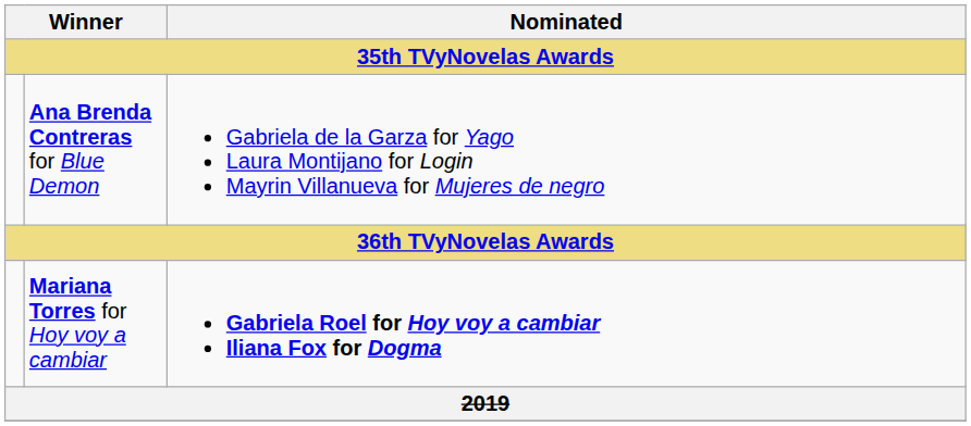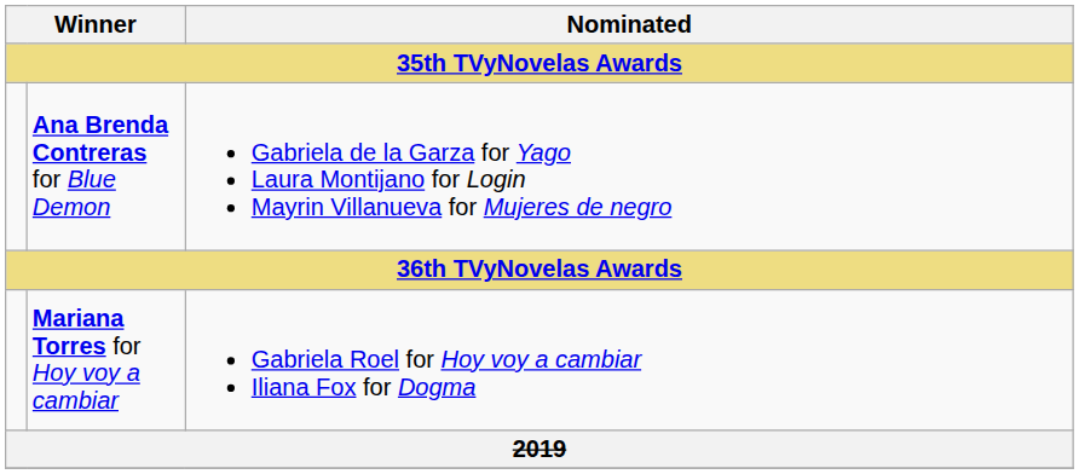 <table class="wikitable" width=80%>
 <tr align=center>
 <th width="150px;" colspan=2; align="center">Winner</th>
 <th width="580px;" align="center">Nominated</th>
 </tr>
 <tr>
 <th colspan=9 style="background:#EEDD82;"  align="center"><strong><a href='#'>35th TVyNovelas Awards</a></strong></th>
 </tr>
 <tr>
 <td width=2%></td>
 <td><strong><a href='#'>Ana Brenda Contreras</a></strong> for <em><a href='#'>Blue Demon</a></em></td>
 <td><br><ul><li><a href='#'>Gabriela de la Garza</a> for <em><a href='#'>Yago</a></em></li><li><a href='#'>Laura Montijano</a> for <em>Login</em></li><li><a href='#'>Mayrin Villanueva</a> for <em><a href='#'>Mujeres de negro</a></em></li></ul></td>
 </tr>
 <tr>
 <th colspan=9 style="background:#EEDD82;"  align="center"><strong><a href='#'>36th TVyNovelas Awards</a></strong></th>
 </tr>
 <tr>
 <td width=2%></td>
 <td><strong><a href='#'>Mariana Torres</a></strong> for <em><a href='#'>Hoy voy a cambiar</a></em></td>
-<td><strong><br><ul><li><a href='#'>Gabriela Roel</a> for <em><a href='#'>Hoy voy a cambiar</a></em></li><li><a href='#'>Iliana Fox</a> for <em><a href='#'>Dogma</a></em></li></ul></strong></td>
+<td><br><ul><li><a href='#'>Gabriela Roel</a> for <em><a href='#'>Hoy voy a cambiar</a></em></li><li><a href='#'>Iliana Fox</a> for <em><a href='#'>Dogma</a></em></li></ul></td>
 </tr>
 <tr>
 <th colspan=9  align="center"><s>2019</s></th>
 </tr>
 <tr>
 </tr>
 </table>
